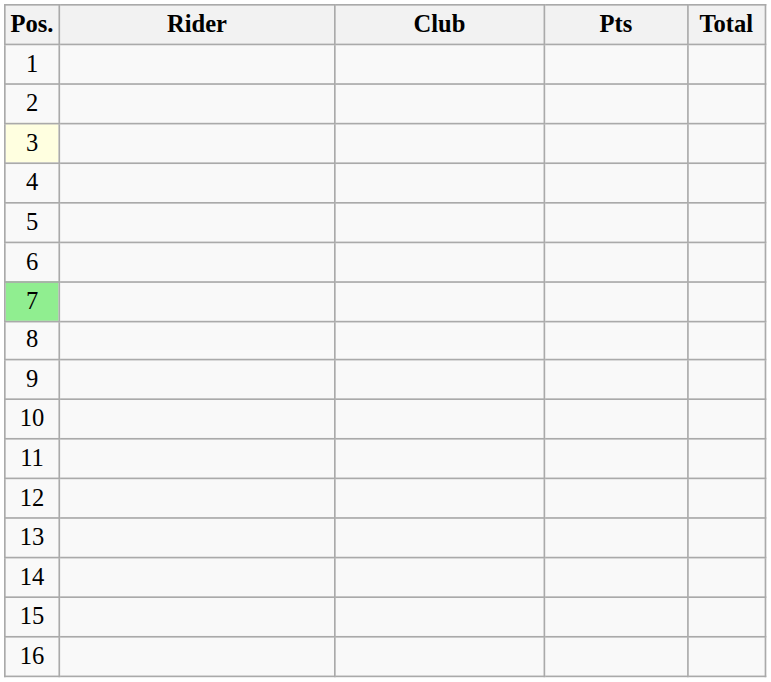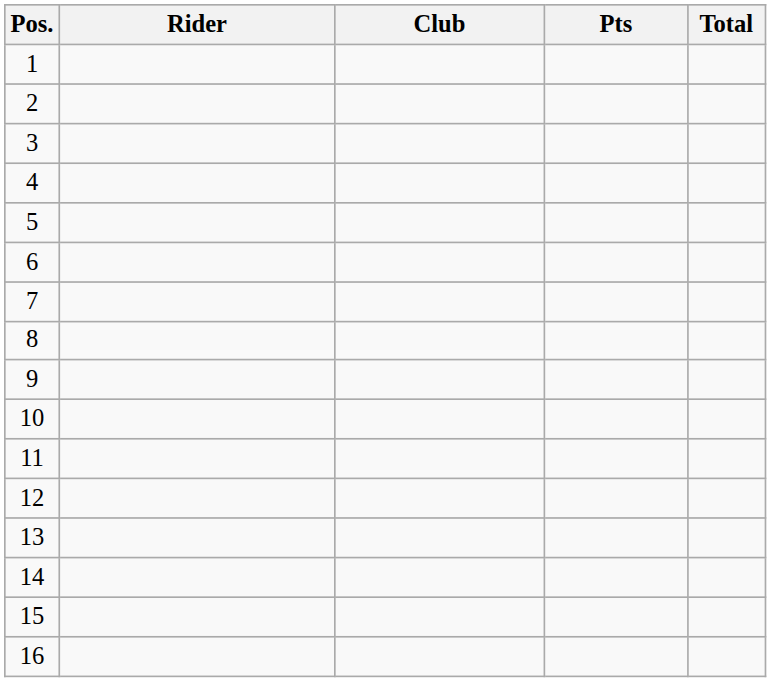 <table class=wikitable style="font-size:93%;">
 <tr>
 <th width=25px>Pos.</th>
 <th width=160px>Rider</th>
 <th width=120px>Club</th>
 <th width=80px>Pts</th>
 <th width=40px>Total</th>
 </tr>
 <tr align=center>
 <td>1</td>
 <td align=left></td>
 <td></td>
 <td></td>
 <td></td>
 </tr>
 <tr align=center>
 <td>2</td>
 <td align=left></td>
 <td></td>
 <td></td>
 <td></td>
 </tr>
 <tr align=center>
-<td style="background: lightyellow;">3</td>
+<td>3</td>
 <td align=left></td>
 <td></td>
 <td></td>
 <td></td>
 </tr>
 <tr align=center>
 <td>4</td>
 <td align=left></td>
 <td></td>
 <td></td>
 <td></td>
 </tr>
 <tr align=center>
 <td>5</td>
 <td align=left></td>
 <td></td>
 <td></td>
 <td></td>
 </tr>
 <tr align=center>
 <td>6</td>
 <td align=left></td>
 <td></td>
 <td></td>
 <td></td>
 </tr>
 <tr align=center>
-<td style="background: lightgreen;">7</td>
+<td>7</td>
 <td align=left></td>
 <td></td>
 <td></td>
 <td></td>
 </tr>
 <tr align=center>
 <td>8</td>
 <td align=left></td>
 <td></td>
 <td></td>
 <td></td>
 </tr>
 <tr align=center>
 <td>9</td>
 <td align=left></td>
 <td></td>
 <td></td>
 <td></td>
 </tr>
 <tr align=center>
 <td>10</td>
 <td align=left></td>
 <td></td>
 <td></td>
 <td></td>
 </tr>
 <tr align=center>
 <td>11</td>
 <td align=left></td>
 <td></td>
 <td></td>
 <td></td>
 </tr>
 <tr align=center>
 <td>12</td>
 <td align=left></td>
 <td></td>
 <td></td>
 <td></td>
 </tr>
 <tr align=center>
 <td>13</td>
 <td align=left></td>
 <td></td>
 <td></td>
 <td></td>
 </tr>
 <tr align=center>
 <td>14</td>
 <td align=left></td>
 <td></td>
 <td></td>
 <td></td>
 </tr>
 <tr align=center>
 <td>15</td>
 <td align=left></td>
 <td></td>
 <td></td>
 <td></td>
 </tr>
 <tr align=center>
 <td>16</td>
 <td align=left></td>
 <td></td>
 <td></td>
 </tr>
 </table>
